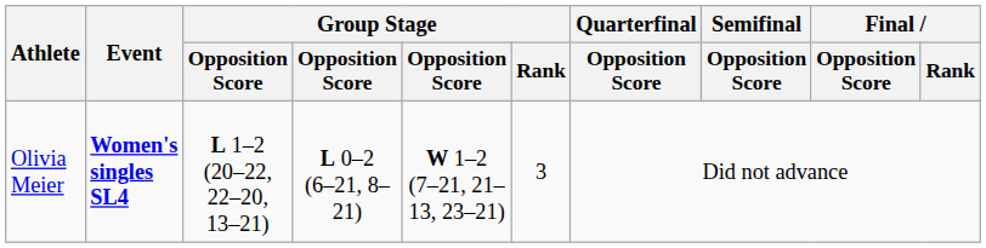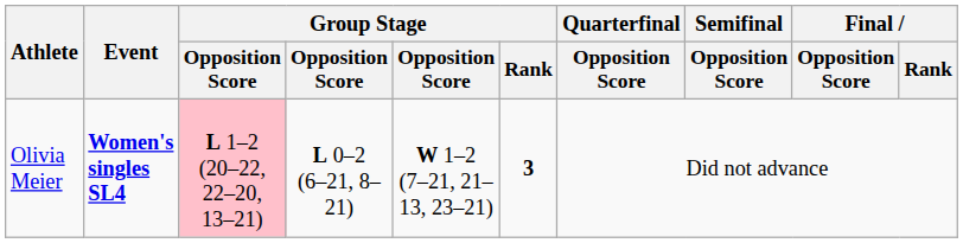 <table class="wikitable" style="font-size:90%; text-align:center">
 <tr>
 <th rowspan="2">Athlete</th>
 <th rowspan="2">Event</th>
 <th colspan="4">Group Stage</th>
 <th>Quarterfinal</th>
 <th>Semifinal</th>
 <th colspan="2">Final / </th>
 </tr>
 <tr style="font-size:95%">
 <th>Opposition<br>Score</th>
 <th>Opposition<br>Score</th>
 <th>Opposition<br>Score</th>
 <th>Rank</th>
 <th>Opposition<br>Score</th>
 <th>Opposition<br>Score</th>
 <th>Opposition<br>Score</th>
 <th>Rank</th>
 </tr>
 <tr>
 <td align="left"><a href='#'>Olivia Meier</a></td>
 <td align="left"><strong><a href='#'>Women's singles SL4</a></strong></td>
-<td><br><strong>L</strong> 1–2<br>(20–22, 22–20, 13–21)</td>
+<td style="background: pink;"><br><strong>L</strong> 1–2<br>(20–22, 22–20, 13–21)</td>
 <td><br><strong>L</strong> 0–2<br>(6–21, 8–21)</td>
 <td><br><strong>W</strong> 1–2<br>(7–21, 21–13, 23–21)</td>
-<td>3</td>
+<td><strong>3</strong></td>
 <td colspan="4">Did not advance</td>
 </tr>
 </table>
